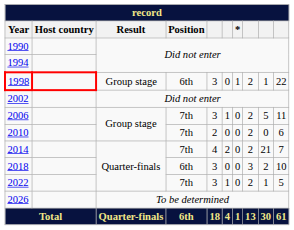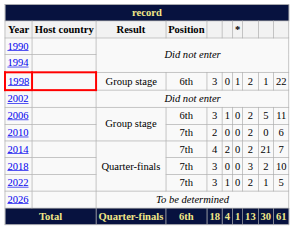 <table class="wikitable" style="text-align: center;">
 <tr>
 <th colspan=10 style="background: #07123F; color: #F1E788;"><a href='#'></a> record</th>
 </tr>
 <tr>
 <th>Year</th>
 <th>Host country</th>
 <th>Result</th>
 <th>Position</th>
 <th></th>
 <th></th>
 <th>*</th>
 <th></th>
 <th></th>
 <th></th>
 </tr>
 <tr>
 <td style="text-align: left;"><a href='#'>1990</a></td>
 <td style="text-align: left;"></td>
 <td rowspan="2" colspan="8"><em>Did not enter</em></td>
 </tr>
 <tr>
 <td style="text-align: left;"><a href='#'>1994</a></td>
 <td style="text-align: left;"></td>
 </tr>
 <tr>
 <td style="text-align: left; border: 3px solid red"><a href='#'>1998</a></td>
 <td style="text-align: left; border: 3px solid red"></td>
 <td>Group stage</td>
 <td>6th</td>
 <td>3</td>
 <td>0</td>
 <td>1</td>
 <td>2</td>
 <td>1</td>
 <td>22</td>
 </tr>
 <tr>
 <td style="text-align: left;"><a href='#'>2002</a></td>
 <td style="text-align: left;"></td>
 <td colspan="8"><em>Did not enter</em></td>
 </tr>
 <tr>
 <td style="text-align: left;"><a href='#'>2006</a></td>
 <td style="text-align: left;"></td>
 <td rowspan="2">Group stage</td>
-<td>7th</td>
+<td>6th</td>
 <td>3</td>
 <td>1</td>
 <td>0</td>
 <td>2</td>
 <td>5</td>
 <td>11</td>
 </tr>
 <tr>
 <td style="text-align: left;"><a href='#'>2010</a></td>
 <td style="text-align: left;"></td>
 <td>7th</td>
 <td>2</td>
 <td>0</td>
 <td>0</td>
 <td>2</td>
 <td>0</td>
 <td>6</td>
 </tr>
 <tr>
 <td style="text-align: left;"><a href='#'>2014</a></td>
 <td style="text-align: left;"></td>
 <td rowspan="3">Quarter-finals</td>
 <td>7th</td>
 <td>4</td>
 <td>2</td>
 <td>0</td>
 <td>2</td>
 <td>21</td>
 <td>7</td>
 </tr>
 <tr>
 <td style="text-align: left;"><a href='#'>2018</a></td>
 <td style="text-align: left;"></td>
-<td>6th</td>
+<td>7th</td>
 <td>3</td>
 <td>0</td>
 <td>0</td>
 <td>3</td>
 <td>2</td>
 <td>10</td>
 </tr>
 <tr>
 <td style="text-align: left;"><a href='#'>2022</a></td>
 <td style="text-align: left;"></td>
 <td>7th</td>
 <td>3</td>
 <td>1</td>
 <td>0</td>
 <td>2</td>
 <td>1</td>
 <td>5</td>
 </tr>
 <tr>
 <td style="text-align: left;"><a href='#'>2026</a></td>
 <td style="text-align: left;"></td>
 <td colspan="8" rowspan="1"><em>To be determined</em></td>
 </tr>
 <tr>
 <td colspan=2 style="background: #07123F; color: #F1E788;"><strong>Total</strong></td>
 <td style="background: #07123F; color: #F1E788;"><strong>Quarter-finals</strong></td>
 <td style="background: #07123F; color: #F1E788;"><strong>6th</strong></td>
 <td style="background: #07123F; color: #F1E788;"><strong>18</strong></td>
 <td style="background: #07123F; color: #F1E788;"><strong>4</strong></td>
 <td style="background: #07123F; color: #F1E788;"><strong>1</strong></td>
 <td style="background: #07123F; color: #F1E788;"><strong>13</strong></td>
 <td style="background: #07123F; color: #F1E788;"><strong>30</strong></td>
 <td style="background: #07123F; color: #F1E788;"><strong>61</strong></td>
 </tr>
 </table>
